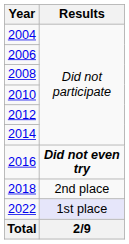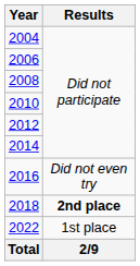 <table class="wikitable" style="text-align: center;">
 <tr>
 <th>Year</th>
 <th width="100">Results</th>
 </tr>
 <tr>
 <td> <a href='#'>2004</a></td>
 <td rowspan="6"><em>Did not participate</em></td>
 </tr>
 <tr>
 <td> <a href='#'>2006</a></td>
 </tr>
 <tr>
 <td> <a href='#'>2008</a></td>
 </tr>
 <tr>
 <td> <a href='#'>2010</a></td>
 </tr>
 <tr>
 <td> <a href='#'>2012</a></td>
 </tr>
 <tr>
 <td> <a href='#'>2014</a></td>
 </tr>
 <tr>
 <td> <a href='#'>2016</a></td>
-<td><strong><em>Did not even try</em></strong></td>
+<td><em>Did not even try</em></td>
 </tr>
 <tr>
 <td> <a href='#'>2018</a></td>
-<td>2nd place</td>
+<td><strong>2nd place</strong></td>
 </tr>
 <tr>
 <td> <a href='#'>2022</a></td>
-<td style="background: lavender;">1st place</td>
+<td>1st place</td>
 </tr>
 <tr>
 <th>Total</th>
 <th>2/9</th>
 </tr>
 </table>
